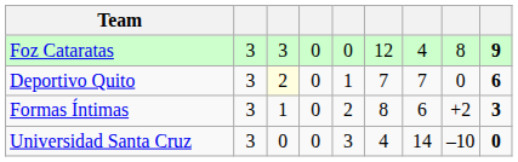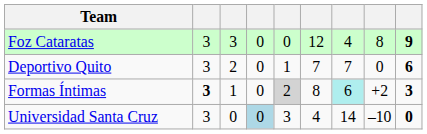 <table class="wikitable" style="text-align: center;">
 <tr>
 <th width=185>Team</th>
 <th width=20></th>
 <th width=20></th>
 <th width=20></th>
 <th width=20></th>
 <th width=25></th>
 <th width=25></th>
 <th width=25></th>
 <th width=20></th>
 </tr>
 <tr bgcolor=ccffcc>
 <td align=left> <a href='#'>Foz Cataratas</a></td>
 <td>3</td>
 <td>3</td>
 <td>0</td>
 <td>0</td>
 <td>12</td>
 <td>4</td>
 <td>8</td>
 <td><strong>9</strong></td>
 </tr>
 <tr>
 <td align=left> <a href='#'>Deportivo Quito</a></td>
 <td>3</td>
-<td style="background: lightyellow;">2</td>
+<td>2</td>
 <td>0</td>
 <td>1</td>
 <td>7</td>
 <td>7</td>
 <td>0</td>
 <td><strong>6</strong></td>
 </tr>
 <tr>
 <td align=left> <a href='#'>Formas Íntimas</a></td>
-<td>3</td>
+<td><strong>3</strong></td>
 <td>1</td>
 <td>0</td>
-<td>2</td>
+<td style="background: lightgrey;">2</td>
 <td>8</td>
-<td>6</td>
+<td style="background: paleturquoise;">6</td>
 <td>+2</td>
 <td><strong>3</strong></td>
 </tr>
 <tr>
 <td align=left> <a href='#'>Universidad Santa Cruz</a></td>
 <td>3</td>
 <td>0</td>
-<td>0</td>
+<td style="background: lightblue;">0</td>
 <td>3</td>
 <td>4</td>
 <td>14</td>
 <td>–10</td>
 <td><strong>0</strong></td>
 </tr>
 </table>
